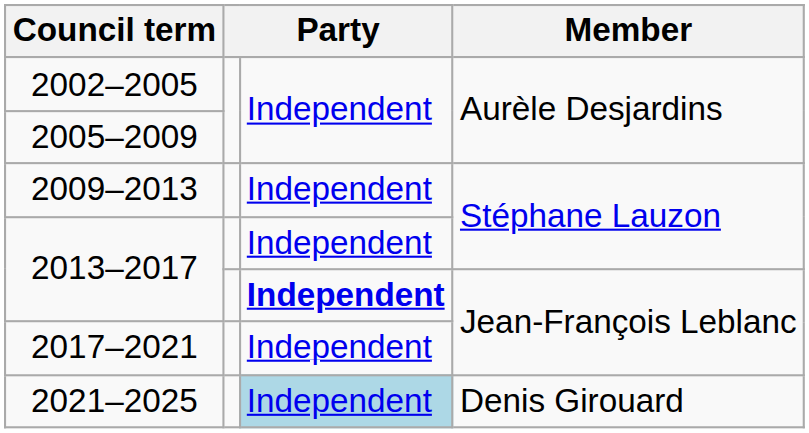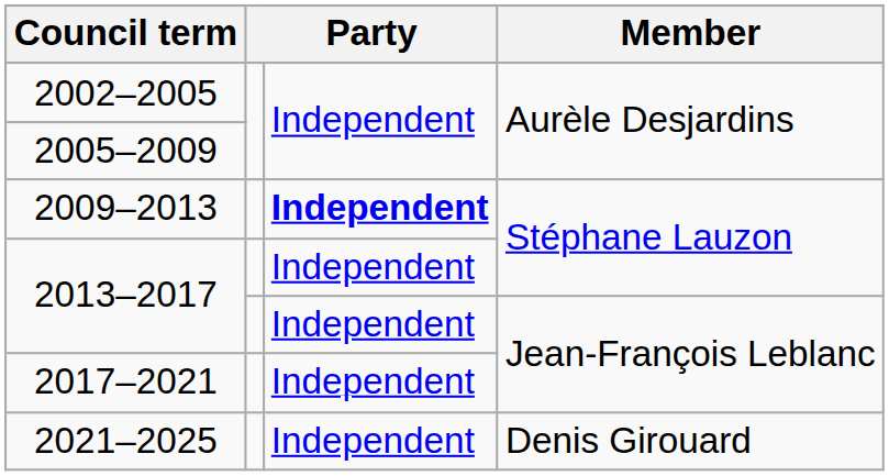 <table class="wikitable">
 <tr>
 <th>Council term</th>
 <th colspan="2">Party</th>
 <th>Member</th>
 </tr>
 <tr>
 <td align="center">2002–2005</td>
 <td rowspan="2" style="color:inherit;background-color:"></td>
 <td rowspan="2"><a href='#'>Independent</a></td>
 <td rowspan="2">Aurèle Desjardins</td>
 </tr>
 <tr>
 <td align="center">2005–2009</td>
 </tr>
 <tr>
 <td align="center">2009–2013</td>
 <td style="color:inherit;background-color:"></td>
-<td><a href='#'>Independent</a></td>
+<td><strong><a href='#'>Independent</a></strong></td>
 <td rowspan="2"><a href='#'>Stéphane Lauzon</a></td>
 </tr>
 <tr>
 <td rowspan="2" align="center">2013–2017</td>
 <td style="color:inherit;background-color:"></td>
 <td><a href='#'>Independent</a></td>
 </tr>
 <tr>
 <td style="color:inherit;background-color:"></td>
-<td><strong><a href='#'>Independent</a></strong></td>
+<td><a href='#'>Independent</a></td>
 <td rowspan="2">Jean-François Leblanc</td>
 </tr>
 <tr>
 <td align="center">2017–2021</td>
 <td style="color:inherit;background-color:"></td>
 <td><a href='#'>Independent</a></td>
 </tr>
 <tr>
 <td align="center">2021–2025</td>
 <td style="color:inherit;background-color:"></td>
-<td style="background: lightblue;"><a href='#'>Independent</a></td>
+<td><a href='#'>Independent</a></td>
 <td>Denis Girouard</td>
 </tr>
 </table>
